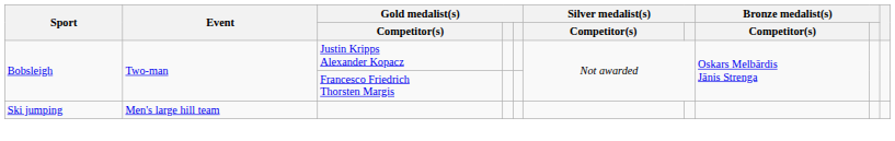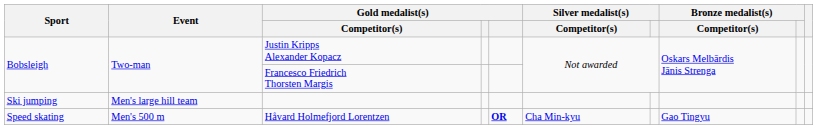 <table class="wikitable" style="width:100%;">
 <tr>
 <th rowspan="2">Sport</th>
 <th rowspan="2">Event</th>
 <th colspan="3">Gold medalist(s)</th>
 <th colspan="2">Silver medalist(s)</th>
 <th colspan="2">Bronze medalist(s)</th>
 <th rowspan="2"></th>
 </tr>
 <tr>
 <th>Competitor(s)</th>
 <th></th>
 <th></th>
 <th>Competitor(s)</th>
 <th></th>
 <th>Competitor(s)</th>
 <th></th>
 </tr>
 <tr>
 <td rowspan=2><a href='#'>Bobsleigh</a></td>
 <td rowspan=2><a href='#'>Two-man</a></td>
 <td><a href='#'>Justin Kripps</a><br><a href='#'>Alexander Kopacz</a></td>
 <td></td>
 <td></td>
 <td rowspan=2 colspan=2 align=center><em>Not awarded</em></td>
 <td rowspan=2><a href='#'>Oskars Melbārdis</a><br><a href='#'>Jānis Strenga</a></td>
 <td rowspan=2></td>
 <td rowspan=2></td>
 </tr>
 <tr>
 <td><a href='#'>Francesco Friedrich</a><br><a href='#'>Thorsten Margis</a></td>
 <td></td>
 <td></td>
 </tr>
 <tr>
 <td><a href='#'>Ski jumping</a></td>
 <td><a href='#'>Men's large hill team</a></td>
 <td></td>
 <td></td>
 <td></td>
 <td></td>
 <td></td>
 <td></td>
 <td></td>
 <td></td>
 </tr>
+<tr>
+<td><a href='#'>Speed skating</a></td>
+<td><a href='#'>Men's 500 m</a></td>
+<td><a href='#'>Håvard Holmefjord Lorentzen</a></td>
+<td></td>
+<td><strong><a href='#'>OR</a></strong></td>
+<td><a href='#'>Cha Min-kyu</a></td>
+<td></td>
+<td><a href='#'>Gao Tingyu</a></td>
+<td></td>
+<td></td>
+</tr>
 </table>
